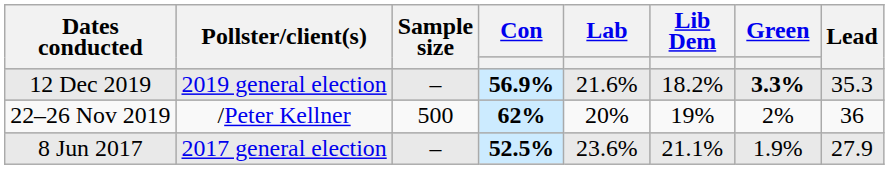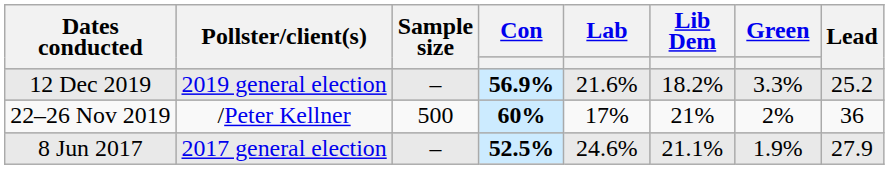 <table class="wikitable sortable mw-datatable" style="text-align:center;line-height:14px;">
 <tr>
 <th rowspan="2">Dates<br>conducted</th>
 <th rowspan="2">Pollster/client(s)</th>
 <th rowspan="2" data-sort-type="number">Sample<br>size</th>
 <th class="unsortable" style="width:50px;"><a href='#'>Con</a></th>
 <th class="unsortable" style="width:50px;"><a href='#'>Lab</a></th>
 <th class="unsortable" style="width:50px;"><a href='#'>Lib Dem</a></th>
 <th class="unsortable" style="width:50px;"><a href='#'>Green</a></th>
 <th rowspan="2" data-sort-type="number">Lead</th>
 </tr>
 <tr>
 <th data-sort-type="number" style="background:"></th>
 <th data-sort-type="number" style="background:"></th>
 <th data-sort-type="number" style="background:"></th>
 <th data-sort-type="number" style="background:"></th>
 </tr>
 <tr style="background:#E9E9E9;">
 <td data-sort-value="2017-06-08">12 Dec 2019</td>
 <td><a href='#'>2019 general election</a></td>
 <td>–</td>
 <td style="background:#CCEBFF;"><strong>56.9%</strong></td>
 <td>21.6%</td>
 <td>18.2%</td>
-<td><strong>3.3%</strong></td>
-<td style="background:">35.3</td>
+<td>3.3%</td>
+<td style="background:">25.2</td>
 </tr>
 <tr>
 <td data-sort-value="2019-10-26">22–26 Nov 2019</td>
 <td>/<a href='#'>Peter Kellner</a></td>
 <td>500</td>
-<td style="background:#CCEBFF;"><strong>62%</strong></td>
-<td>20%</td>
-<td>19%</td>
+<td style="background:#CCEBFF;"><strong>60%</strong></td>
+<td>17%</td>
+<td>21%</td>
 <td>2%</td>
 <td style="background:">36</td>
 </tr>
 <tr style="background:#E9E9E9;">
 <td data-sort-value="2017-06-08">8 Jun 2017</td>
 <td><a href='#'>2017 general election</a></td>
 <td>–</td>
 <td style="background:#CCEBFF;"><strong>52.5%</strong></td>
-<td>23.6%</td>
+<td>24.6%</td>
 <td>21.1%</td>
 <td>1.9%</td>
 <td style="background:">27.9</td>
 </tr>
 </table>
